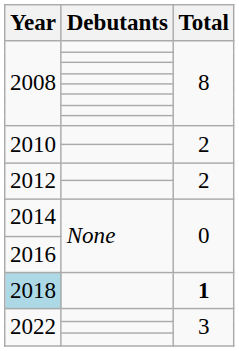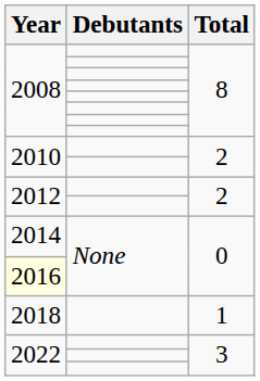 <table class="wikitable">
 <tr>
 <th>Year</th>
 <th>Debutants</th>
 <th>Total</th>
 </tr>
 <tr>
 <td rowspan=8>2008</td>
 <td></td>
 <td rowspan=8  style="text-align:center;">8</td>
 </tr>
 <tr>
 <td></td>
 </tr>
 <tr>
 <td></td>
 </tr>
 <tr>
 <td></td>
 </tr>
 <tr>
 <td></td>
 </tr>
 <tr>
 <td></td>
 </tr>
 <tr>
 <td></td>
 </tr>
 <tr>
 <td></td>
 </tr>
 <tr>
 <td rowspan=2>2010</td>
 <td></td>
 <td rowspan=2  style="text-align:center;">2</td>
 </tr>
 <tr>
 <td></td>
 </tr>
 <tr>
 <td rowspan=2>2012</td>
 <td></td>
 <td rowspan=2 style="text-align:center;">2</td>
 </tr>
 <tr>
 <td></td>
 </tr>
 <tr>
 <td>2014</td>
 <td rowspan=2><em>None</em></td>
 <td rowspan=2 style="text-align:center;">0</td>
 </tr>
 <tr>
-<td>2016</td>
+<td style="background: lightyellow;">2016</td>
 </tr>
 <tr>
-<td style="background: lightblue;">2018</td>
+<td>2018</td>
 <td></td>
-<td style="text-align:center;"><strong>1</strong></td>
+<td style="text-align:center;">1</td>
 </tr>
 <tr>
 <td rowspan=3>2022</td>
 <td></td>
 <td rowspan=3 style="text-align:center;">3</td>
 </tr>
 <tr>
 <td></td>
 </tr>
 <tr>
 <td></td>
 </tr>
 </table>
